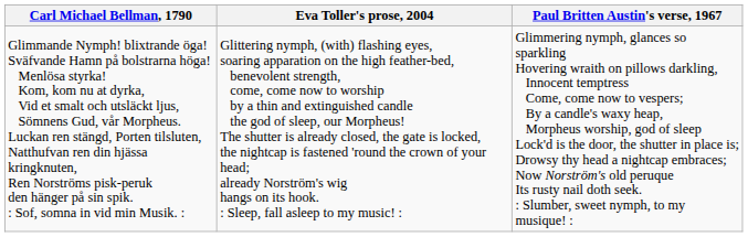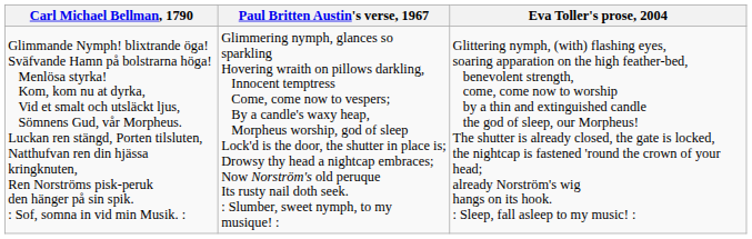 <table class="wikitable">
 <tr>
 <th><a href='#'>Carl Michael Bellman</a>, 1790</th>
+<th><a href='#'>Paul Britten Austin</a>'s verse, 1967</th>
 <th>Eva Toller's prose, 2004</th>
-<th><a href='#'>Paul Britten Austin</a>'s verse, 1967</th>
 </tr>
 <tr>
 <td>Glimmande Nymph! blixtrande öga!<br>Sväfvande Hamn på bolstrarna höga!<br>   Menlösa styrka!<br>   Kom, kom nu at dyrka,<br>   Vid et smalt och utsläckt ljus,<br>   Sömnens Gud, vår Morpheus.<br>Luckan ren stängd, Porten tilsluten,<br>Natthufvan ren din hjässa kringknuten,<br>Ren Norströms pisk-peruk<br>den hänger på sin spik.<br>: Sof, somna in vid min Musik. :</td>
+<td>Glimmering nymph, glances so sparkling<br>Hovering wraith on pillows darkling,<br>   Innocent temptress<br>   Come, come now to vespers;<br>   By a candle's waxy heap,<br>   Morpheus worship, god of sleep<br>Lock'd is the door, the shutter in place is;<br>Drowsy thy head a nightcap embraces;<br>Now <em>Norström's</em> old peruque<br>Its rusty nail doth seek.<br>: Slumber, sweet nymph, to my musique! :</td>
 <td>Glittering nymph, (with) flashing eyes,<br>soaring apparation on the high feather-bed,<br>   benevolent strength,<br>   come, come now to worship<br>   by a thin and extinguished candle<br>   the god of sleep, our Morpheus!<br>The shutter is already closed, the gate is locked,<br>the nightcap is fastened 'round the crown of your head;<br>already Norström's wig<br>hangs on its hook.<br>: Sleep, fall asleep to my music! :</td>
-<td>Glimmering nymph, glances so sparkling<br>Hovering wraith on pillows darkling,<br>   Innocent temptress<br>   Come, come now to vespers;<br>   By a candle's waxy heap,<br>   Morpheus worship, god of sleep<br>Lock'd is the door, the shutter in place is;<br>Drowsy thy head a nightcap embraces;<br>Now <em>Norström's</em> old peruque<br>Its rusty nail doth seek.<br>: Slumber, sweet nymph, to my musique! :</td>
 </tr>
 </table>
